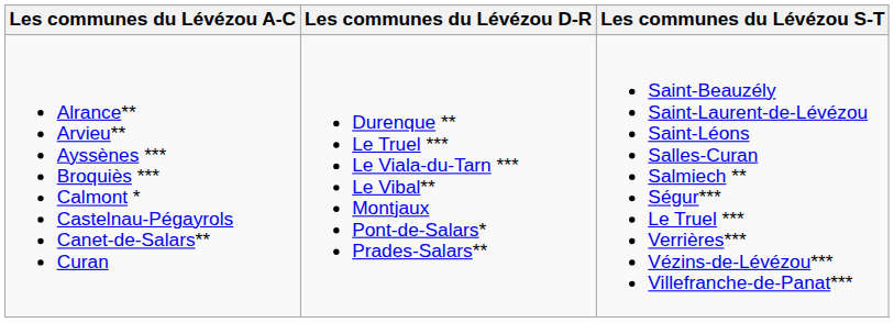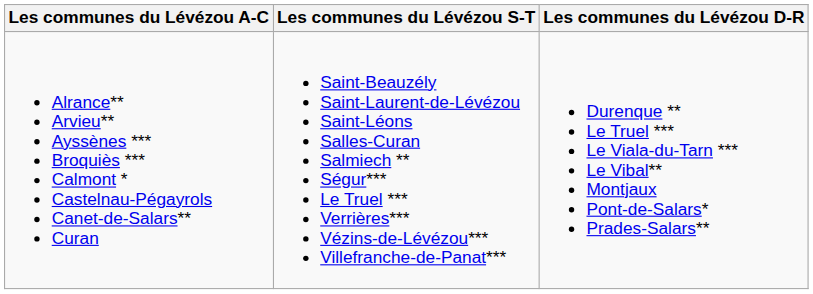 <table class="wikitable">
 <tr>
 <th>Les communes du Lévézou A-C</th>
+<th>Les communes du Lévézou S-T</th>
 <th>Les communes du Lévézou D-R</th>
-<th>Les communes du Lévézou S-T</th>
 </tr>
 <tr>
 <td><br><ul><li><a href='#'>Alrance</a>**</li><li><a href='#'>Arvieu</a>**</li><li><a href='#'>Ayssènes</a> ***</li><li><a href='#'>Broquiès</a> ***</li><li><a href='#'>Calmont</a> *</li><li><a href='#'>Castelnau-Pégayrols</a></li><li><a href='#'>Canet-de-Salars</a>**</li><li><a href='#'>Curan</a></li></ul></td>
+<td><br><ul><li><a href='#'>Saint-Beauzély</a></li><li><a href='#'>Saint-Laurent-de-Lévézou</a></li><li><a href='#'>Saint-Léons</a></li><li><a href='#'>Salles-Curan</a></li><li><a href='#'>Salmiech</a> **</li><li><a href='#'>Ségur</a>***</li><li><a href='#'>Le Truel</a> ***</li><li><a href='#'>Verrières</a>***</li><li><a href='#'>Vézins-de-Lévézou</a>***</li><li><a href='#'>Villefranche-de-Panat</a>***</li></ul></td>
 <td><br><ul><li><a href='#'>Durenque</a> **</li><li><a href='#'>Le Truel</a> ***</li><li><a href='#'>Le Viala-du-Tarn</a> ***</li><li><a href='#'>Le Vibal</a>**</li><li><a href='#'>Montjaux</a></li><li><a href='#'>Pont-de-Salars</a>*</li><li><a href='#'>Prades-Salars</a>**</li></ul></td>
-<td><br><ul><li><a href='#'>Saint-Beauzély</a></li><li><a href='#'>Saint-Laurent-de-Lévézou</a></li><li><a href='#'>Saint-Léons</a></li><li><a href='#'>Salles-Curan</a></li><li><a href='#'>Salmiech</a> **</li><li><a href='#'>Ségur</a>***</li><li><a href='#'>Le Truel</a> ***</li><li><a href='#'>Verrières</a>***</li><li><a href='#'>Vézins-de-Lévézou</a>***</li><li><a href='#'>Villefranche-de-Panat</a>***</li></ul></td>
 </tr>
 </table>
